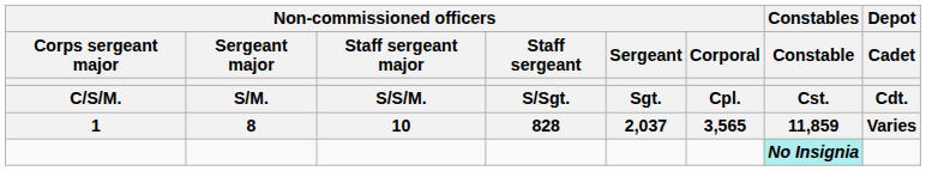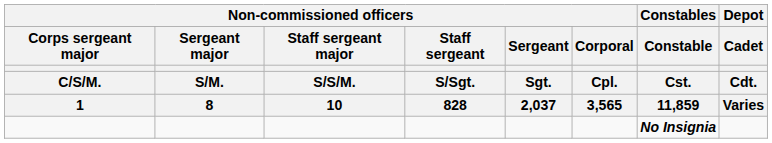 <table class="wikitable">
 <tr>
 <th colspan="6">Non-commissioned officers</th>
 <th>Constables</th>
 <th>Depot</th>
 </tr>
 <tr>
 <th>Corps sergeant major</th>
 <th>Sergeant major</th>
 <th>Staff sergeant major</th>
 <th>Staff sergeant</th>
 <th>Sergeant</th>
 <th>Corporal</th>
 <th>Constable</th>
 <th>Cadet</th>
 </tr>
 <tr>
 <th></th>
 <th></th>
 <th></th>
 <th></th>
 <th></th>
 <th></th>
 <th></th>
 <th></th>
 </tr>
 <tr>
 <th>C/S/M.</th>
 <th>S/M.</th>
 <th>S/S/M.</th>
 <th>S/Sgt.</th>
 <th>Sgt.</th>
 <th>Cpl.</th>
 <th>Cst.</th>
 <th>Cdt.</th>
 </tr>
 <tr>
 <th>1</th>
 <th>8</th>
 <th>10</th>
 <th>828</th>
 <th>2,037</th>
 <th>3,565</th>
 <th>11,859</th>
 <th>Varies</th>
 </tr>
 <tr>
 <td></td>
 <td></td>
 <td></td>
 <td></td>
 <td></td>
 <td></td>
-<td style="background: paleturquoise;"><strong><em>No Insignia</em></strong></td>
+<td><strong><em>No Insignia</em></strong></td>
 <td></td>
 </tr>
 </table>
